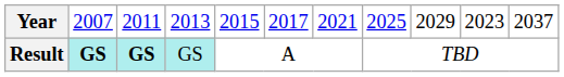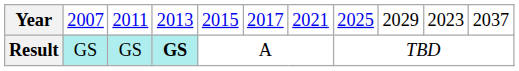 <table class="wikitable" style="text-align:center; font-size:90%; background:white">
 <tr>
 <th>Year</th>
 <td><a href='#'>2007</a></td>
 <td><a href='#'>2011</a></td>
 <td><a href='#'>2013</a></td>
 <td><a href='#'>2015</a></td>
 <td><a href='#'>2017</a></td>
 <td><a href='#'>2021</a></td>
 <td><a href='#'>2025</a></td>
 <td>2029</td>
 <td>2023</td>
 <td>2037</td>
 </tr>
 <tr>
 <th>Result</th>
+<td bgcolor="afeeee">GS</td>
+<td bgcolor="afeeee">GS</td>
 <td bgcolor="afeeee"><strong>GS</strong></td>
-<td bgcolor="afeeee"><strong>GS</strong></td>
-<td bgcolor="afeeee">GS</td>
 <td colspan="3">A</td>
 <td colspan="4"><em>TBD</em></td>
 </tr>
 </table>
